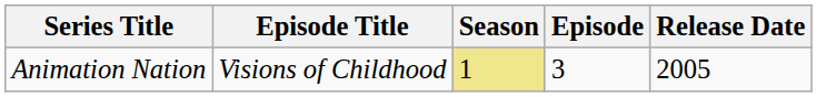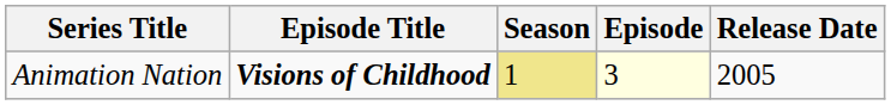 <table class="wikitable">
 <tr>
 <th>Series Title</th>
 <th>Episode Title</th>
 <th>Season</th>
 <th>Episode</th>
 <th colspan="3">Release Date</th>
 </tr>
 <tr>
 <td><em>Animation Nation</em></td>
-<td><em>Visions of Childhood</em></td>
+<td><strong><em>Visions of Childhood</em></strong></td>
 <td style="background: khaki;">1</td>
-<td>3</td>
+<td style="background: lightyellow;">3</td>
 <td colspan="3">2005</td>
 </tr>
 </table>
